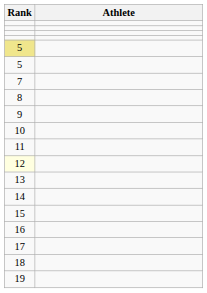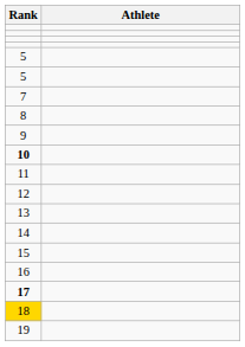 <table class="wikitable" style="text-align: center;">
 <tr>
 <th width=40>Rank</th>
 <th width=250>Athlete</th>
 </tr>
 <tr>
 <td></td>
 <td align=left></td>
 </tr>
 <tr>
 <td></td>
 <td align=left></td>
 </tr>
 <tr>
 <td></td>
 <td align=left></td>
 </tr>
 <tr>
 <td></td>
 <td align=left></td>
 </tr>
 <tr>
-<td style="background: khaki;">5</td>
+<td>5</td>
 <td align=left></td>
 </tr>
 <tr>
 <td>5</td>
 <td align=left></td>
 </tr>
 <tr>
 <td>7</td>
 <td align=left></td>
 </tr>
 <tr>
 <td>8</td>
 <td align=left></td>
 </tr>
 <tr>
 <td>9</td>
 <td align=left></td>
 </tr>
 <tr>
-<td>10</td>
+<td><strong>10</strong></td>
 <td align=left></td>
 </tr>
 <tr>
 <td>11</td>
 <td align=left></td>
 </tr>
 <tr>
-<td style="background: lightyellow;">12</td>
+<td>12</td>
 <td align=left></td>
 </tr>
 <tr>
 <td>13</td>
 <td align=left></td>
 </tr>
 <tr>
 <td>14</td>
 <td align=left></td>
 </tr>
 <tr>
 <td>15</td>
 <td align=left></td>
 </tr>
 <tr>
 <td>16</td>
 <td align=left></td>
 </tr>
 <tr>
-<td>17</td>
+<td><strong>17</strong></td>
 <td align=left></td>
 </tr>
 <tr>
-<td>18</td>
+<td style="background: gold;">18</td>
 <td align=left></td>
 </tr>
 <tr>
 <td>19</td>
 <td align=left></td>
 </tr>
 </table>
